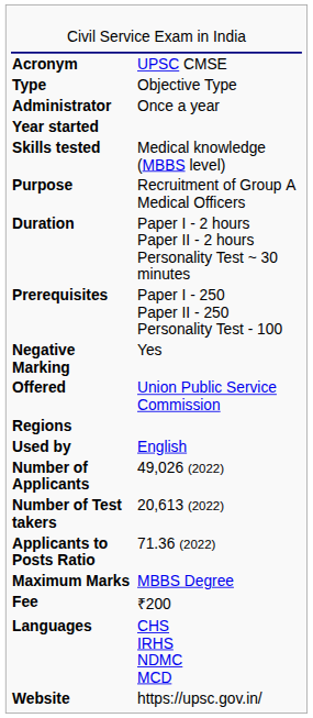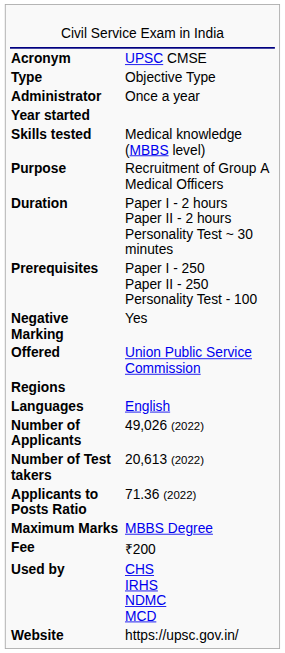 <table class="infobox" style="width:20em;">
 <tr>
 <td colspan=2 style="text-align:center;"> <br> Civil Service Exam in India</td>
 </tr>
 <tr>
 <td colspan=2 style="text-align:center;"></td>
 </tr>
 <tr>
 <th colspan=2 style="text-align:center;" bgcolor="#000080"></th>
 </tr>
 <tr>
 <td><strong>Acronym</strong></td>
 <td><a href='#'>UPSC</a> CMSE</td>
 </tr>
 <tr>
 <td><strong>Type</strong></td>
 <td>Objective Type</td>
 </tr>
 <tr>
 <td><strong>Administrator</strong></td>
 <td>Once a year</td>
 </tr>
 <tr>
 <td><strong>Year started</strong></td>
 <td></td>
 </tr>
 <tr>
 <td><strong>Skills tested</strong></td>
 <td>Medical knowledge (<a href='#'>MBBS</a> level)</td>
 </tr>
 <tr>
 <td><strong>Purpose</strong></td>
 <td>Recruitment of Group A Medical Officers</td>
 </tr>
 <tr>
 <td><strong>Duration</strong></td>
 <td>Paper I - 2 hours <br> Paper II - 2 hours <br> Personality Test ~ 30 minutes</td>
 </tr>
 <tr>
 <td><strong>Prerequisites</strong></td>
 <td>Paper I - 250 <br> Paper II - 250 <br> Personality Test - 100</td>
 </tr>
 <tr>
 <td><strong>Negative Marking</strong></td>
 <td>Yes</td>
 </tr>
 <tr>
 <td><strong>Offered</strong></td>
 <td><a href='#'>Union Public Service Commission</a></td>
 </tr>
 <tr>
 <td><strong>Regions</strong></td>
 <td></td>
 </tr>
 <tr>
-<td><strong>Used by</strong></td>
+<td><strong>Languages</strong></td>
 <td><a href='#'>English</a></td>
 </tr>
 <tr>
 <td><strong>Number of Applicants</strong></td>
 <td>49,026 <small>(2022)</small></td>
 </tr>
 <tr>
 <td><strong>Number of Test takers</strong></td>
 <td>20,613 <small>(2022)</small></td>
 </tr>
 <tr>
 <td><strong>Applicants to Posts Ratio</strong></td>
 <td>71.36 <small> (2022)</small></td>
 </tr>
 <tr>
 <td><strong>Maximum Marks</strong></td>
 <td><a href='#'>MBBS Degree</a></td>
 </tr>
 <tr>
 <td><strong>Fee</strong></td>
 <td>₹200</td>
 </tr>
 <tr>
-<td><strong>Languages</strong></td>
+<td><strong>Used by</strong></td>
 <td><a href='#'>CHS</a> <br> <a href='#'>IRHS</a> <br> <a href='#'>NDMC</a> <br> <a href='#'>MCD</a></td>
 </tr>
 <tr>
 <td><strong>Website</strong></td>
 <td>https://upsc.gov.in/</td>
 </tr>
 </table>
